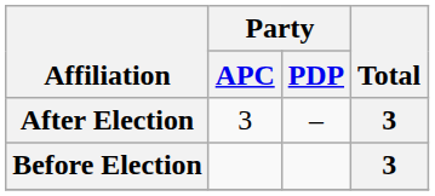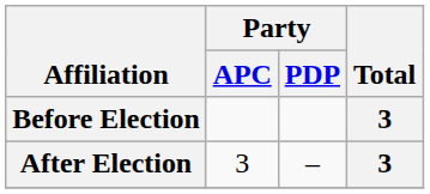 <table class=wikitable style="text-align:center">
 <tr style="vertical-align:bottom;">
 <th rowspan=2>Affiliation</th>
 <th colspan=2>Party</th>
 <th rowspan=2>Total</th>
 </tr>
 <tr>
 <th><a href='#'>APC</a></th>
 <th><a href='#'>PDP</a></th>
 </tr>
 <tr>
+<th>Before Election</th>
+<td></td>
+<td></td>
+<th>3</th>
+</tr>
+<tr>
 <th>After Election</th>
 <td>3</td>
 <td>–</td>
 <th>3</th>
 </tr>
 <tr>
-<th>Before Election</th>
-<td></td>
-<td></td>
-<th>3</th>
-</tr>
-<tr>
 </tr>
 </table>
